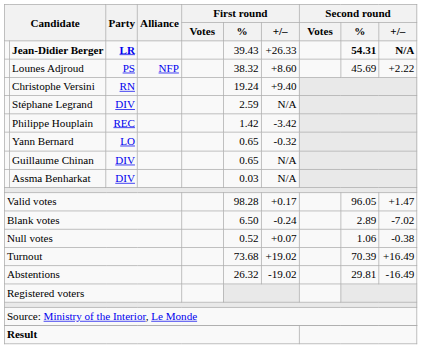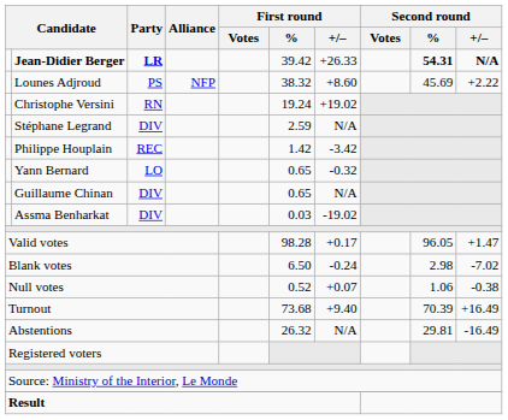 <table class="wikitable" style="text-align:right;font-size:95%;">
 <tr>
 <th rowspan="2" colspan="2">Candidate</th>
 <th rowspan="2">Party</th>
 <th rowspan="2">Alliance</th>
 <th colspan="3">First round</th>
 <th colspan="3">Second round</th>
 </tr>
 <tr>
 <th style="width:50px;">Votes</th>
 <th style="width:45px;">%</th>
 <th style="width:45px;">+/–</th>
 <th style="width:50px;">Votes</th>
 <th style="width:45px;">%</th>
 <th style="width:45px;">+/–</th>
 </tr>
 <tr>
 <td style="color:inherit;background:"></td>
 <td style="text-align:left;"><strong>Jean-Didier Berger</strong></td>
 <td><a href='#'><strong>LR</strong></a></td>
 <td></td>
 <td></td>
-<td>39.43</td>
+<td>39.42</td>
 <td>+26.33</td>
 <td><strong></strong></td>
 <td><strong>54.31</strong></td>
 <td><strong>N/A</strong></td>
 </tr>
 <tr>
 <td style="color:inherit;background:"></td>
 <td style="text-align:left;">Lounes Adjroud</td>
 <td><a href='#'>PS</a></td>
 <td><a href='#'>NFP</a></td>
 <td></td>
 <td>38.32</td>
 <td>+8.60</td>
 <td></td>
 <td>45.69</td>
 <td>+2.22</td>
 </tr>
 <tr>
 <td style="color:inherit;background:"></td>
 <td style="text-align:left;">Christophe Versini</td>
 <td><a href='#'>RN</a></td>
 <td></td>
 <td></td>
 <td>19.24</td>
-<td>+9.40</td>
+<td>+19.02</td>
 <td colspan="3" style="background:#E9E9E9;"></td>
 </tr>
 <tr>
 <td style="color:inherit;background:"></td>
 <td style="text-align:left;">Stéphane Legrand</td>
 <td><a href='#'>DIV</a></td>
 <td></td>
 <td></td>
 <td>2.59</td>
 <td>N/A</td>
 <td colspan="3" style="background:#E9E9E9;"></td>
 </tr>
 <tr>
 <td style="color:inherit;background:"></td>
 <td style="text-align:left;">Philippe Houplain</td>
 <td><a href='#'>REC</a></td>
 <td></td>
 <td></td>
 <td>1.42</td>
 <td>-3.42</td>
 <td colspan="3" style="background:#E9E9E9;"></td>
 </tr>
 <tr>
 <td style="color:inherit;background:"></td>
 <td style="text-align:left;">Yann Bernard</td>
 <td><a href='#'>LO</a></td>
 <td></td>
 <td></td>
 <td>0.65</td>
 <td>-0.32</td>
 <td colspan="3" style="background:#E9E9E9;"></td>
 </tr>
 <tr>
 <td style="color:inherit;background:"></td>
 <td style="text-align:left;">Guillaume Chinan</td>
 <td><a href='#'>DIV</a></td>
 <td></td>
 <td></td>
 <td>0.65</td>
 <td>N/A</td>
 <td colspan="3" style="background:#E9E9E9;"></td>
 </tr>
 <tr>
 <td style="color:inherit;background:"></td>
 <td style="text-align:left;">Assma Benharkat</td>
 <td><a href='#'>DIV</a></td>
 <td></td>
 <td></td>
 <td>0.03</td>
-<td>N/A</td>
+<td>-19.02</td>
 <td colspan="3" style="background:#E9E9E9;"></td>
 </tr>
 <tr>
 <td colspan="10" style="background:#E9E9E9;"></td>
 </tr>
 <tr>
 <td colspan="4" style="text-align:left;">Valid votes</td>
 <td></td>
 <td>98.28</td>
 <td>+0.17</td>
 <td></td>
 <td>96.05</td>
 <td>+1.47</td>
 </tr>
 <tr>
 <td colspan="4" style="text-align:left;">Blank votes</td>
 <td></td>
 <td>6.50</td>
 <td>-0.24</td>
 <td></td>
-<td>2.89</td>
+<td>2.98</td>
 <td>-7.02</td>
 </tr>
 <tr>
 <td colspan="4" style="text-align:left;">Null votes</td>
 <td></td>
 <td>0.52</td>
 <td>+0.07</td>
 <td></td>
 <td>1.06</td>
 <td>-0.38</td>
 </tr>
 <tr>
 <td colspan="4" style="text-align:left;">Turnout</td>
 <td></td>
 <td>73.68</td>
-<td>+19.02</td>
+<td>+9.40</td>
 <td></td>
 <td>70.39</td>
 <td>+16.49</td>
 </tr>
 <tr>
 <td colspan="4" style="text-align:left;">Abstentions</td>
 <td></td>
 <td>26.32</td>
-<td>-19.02</td>
+<td>N/A</td>
 <td></td>
 <td>29.81</td>
 <td>-16.49</td>
 </tr>
 <tr>
 <td colspan="4" style="text-align:left;">Registered voters</td>
 <td></td>
 <td colspan="2" style="background:#E9E9E9;"></td>
 <td></td>
 <td colspan="2" style="background:#E9E9E9;"></td>
 </tr>
 <tr>
 <td colspan="10" style="background:#E9E9E9;"></td>
 </tr>
 <tr>
 <td colspan="10" style="text-align:left;">Source: <a href='#'>Ministry of the Interior</a>, <a href='#'>Le Monde</a></td>
 </tr>
 <tr>
 </tr>
 <tr style="font-weight:bold">
 <td colspan="7" style="text-align:left;">Result</td>
 <td colspan="7" style="background-color:"></td>
 </tr>
 </table>
